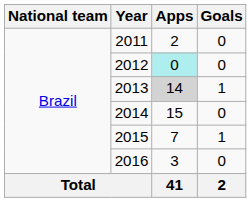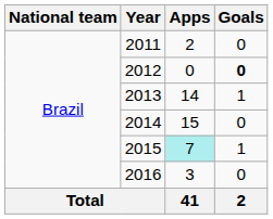 <table class=wikitable style="text-align: center">
 <tr>
 <th>National team</th>
 <th>Year</th>
 <th>Apps</th>
 <th>Goals</th>
 </tr>
 <tr>
 <td rowspan=6><a href='#'>Brazil</a></td>
 <td>2011</td>
 <td>2</td>
 <td>0</td>
 </tr>
 <tr>
 <td>2012</td>
-<td style="background: paleturquoise;">0</td>
 <td>0</td>
+<td><strong>0</strong></td>
 </tr>
 <tr>
 <td>2013</td>
-<td style="background: lightgrey;">14</td>
+<td>14</td>
 <td>1</td>
 </tr>
 <tr>
 <td>2014</td>
 <td>15</td>
 <td>0</td>
 </tr>
 <tr>
 <td>2015</td>
-<td>7</td>
+<td style="background: paleturquoise;">7</td>
 <td>1</td>
 </tr>
 <tr>
 <td>2016</td>
 <td>3</td>
 <td>0</td>
 </tr>
 <tr>
 <th colspan=2>Total</th>
 <th>41</th>
 <th>2</th>
 </tr>
 </table>
